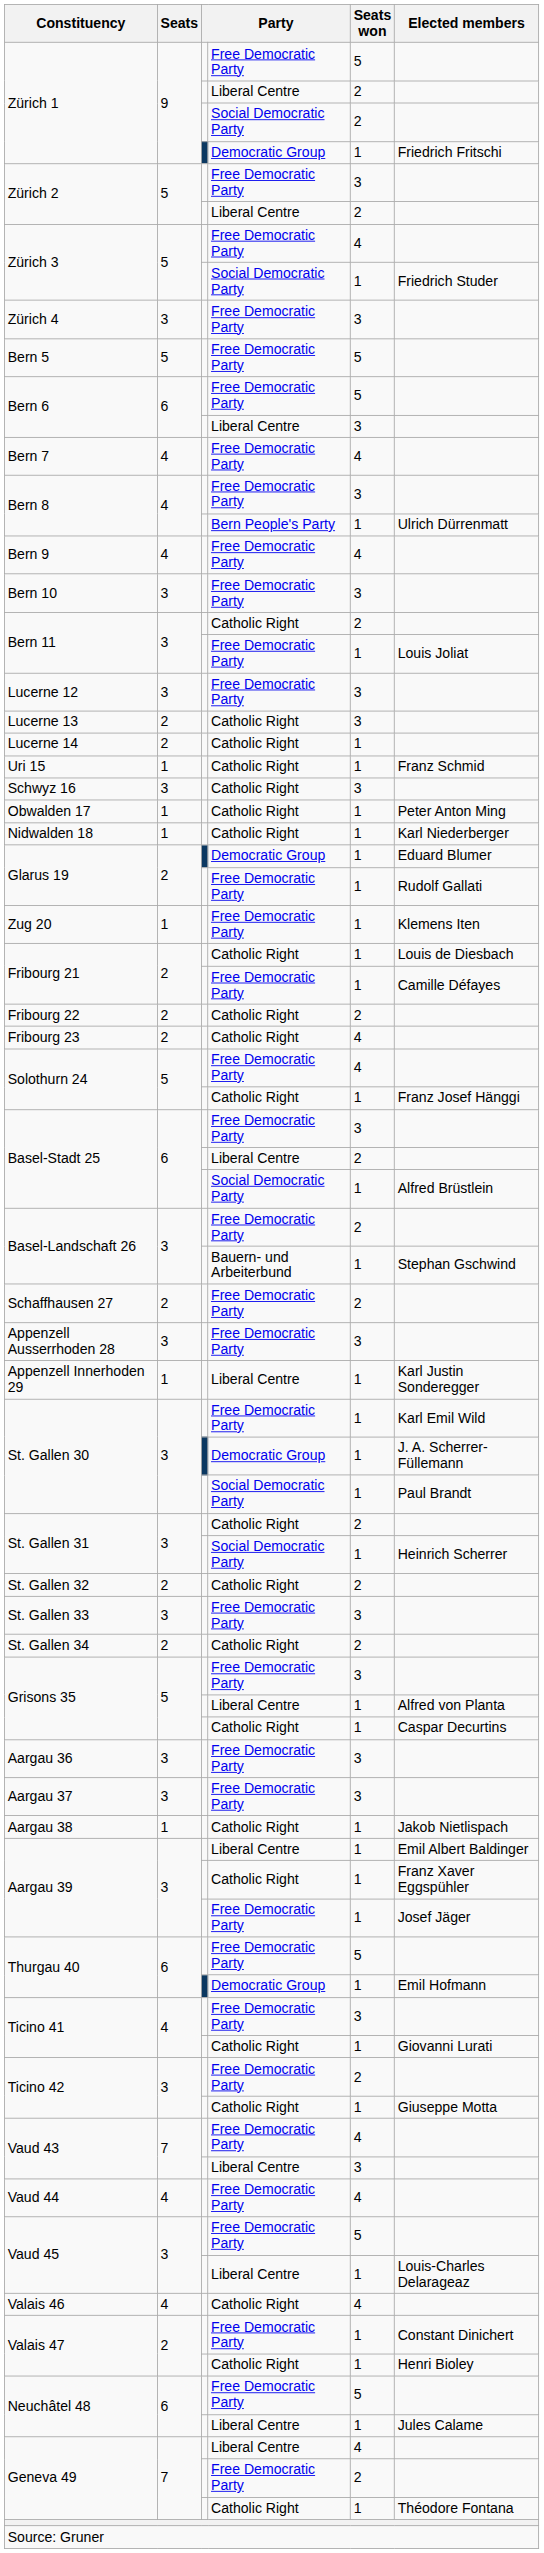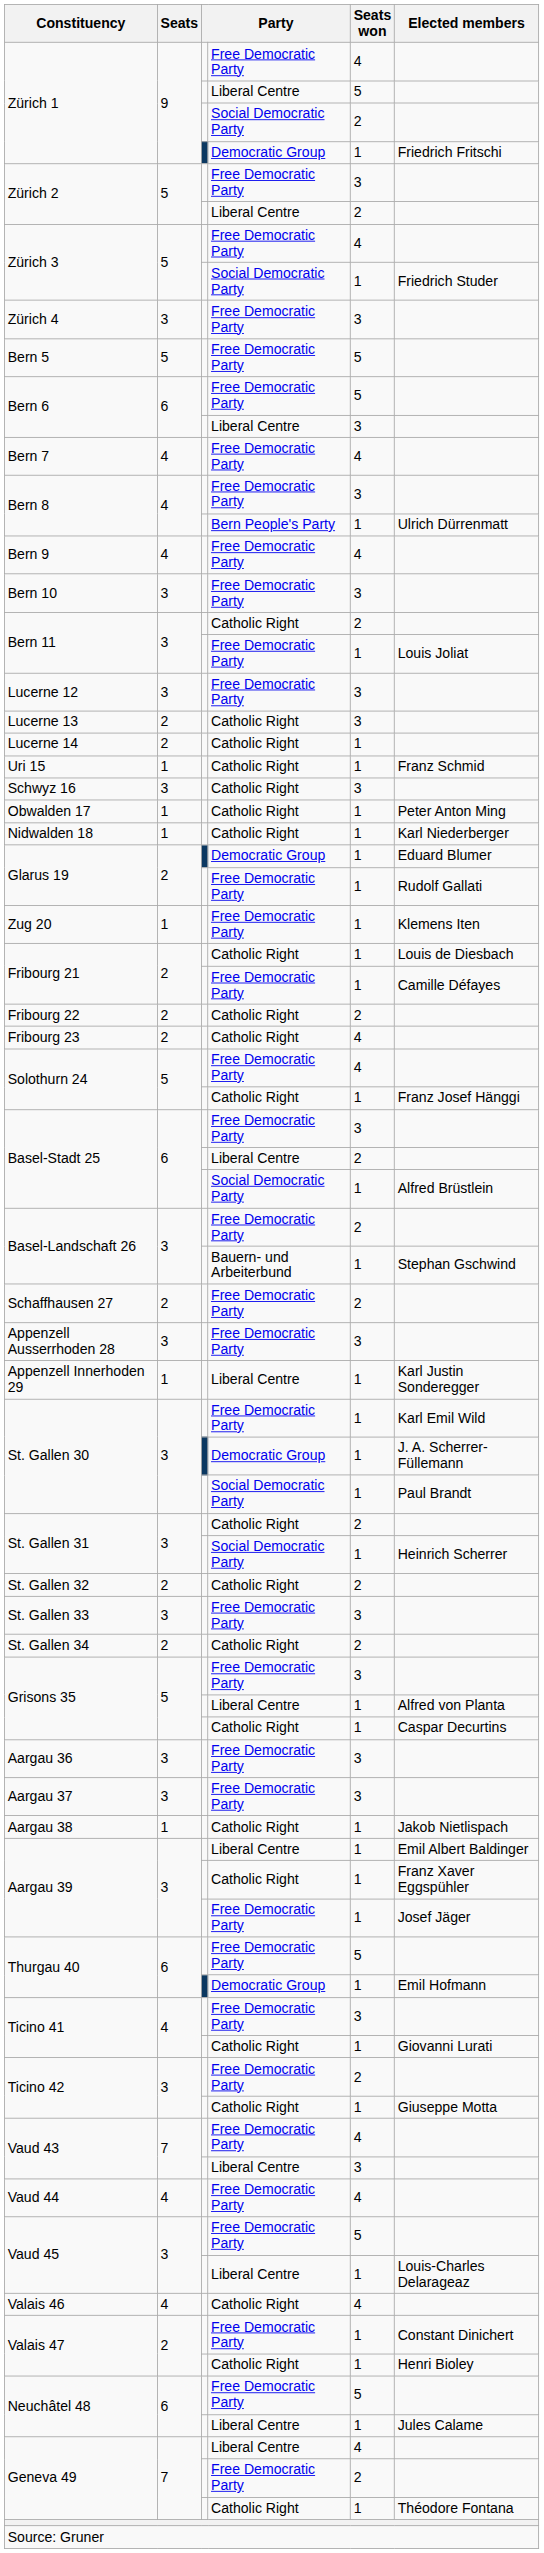 <table class="wikitable">
 <tr>
 <th>Constituency</th>
 <th>Seats</th>
 <th colspan="2">Party</th>
 <th>Seats<br>won</th>
 <th>Elected members</th>
 </tr>
 <tr>
 <td rowspan="4">Zürich 1</td>
 <td rowspan="4">9</td>
 <td style="color:inherit;background:"></td>
 <td><a href='#'>Free Democratic Party</a></td>
-<td>5</td>
+<td>4</td>
 <td></td>
 </tr>
 <tr>
 <td style="color:inherit;background:"></td>
 <td>Liberal Centre</td>
-<td>2</td>
+<td>5</td>
 <td></td>
 </tr>
 <tr>
 <td style="color:inherit;background:"></td>
 <td><a href='#'>Social Democratic Party</a></td>
 <td>2</td>
 <td></td>
 </tr>
 <tr>
 <td style="color:inherit;background:#0B3861"></td>
 <td><a href='#'>Democratic Group</a></td>
 <td>1</td>
 <td>Friedrich Fritschi</td>
 </tr>
 <tr>
 <td rowspan="2">Zürich 2</td>
 <td rowspan="2">5</td>
 <td style="color:inherit;background:"></td>
 <td><a href='#'>Free Democratic Party</a></td>
 <td>3</td>
 <td></td>
 </tr>
 <tr>
 <td style="color:inherit;background:"></td>
 <td>Liberal Centre</td>
 <td>2</td>
 <td></td>
 </tr>
 <tr>
 <td rowspan="2">Zürich 3</td>
 <td rowspan="2">5</td>
 <td style="color:inherit;background:"></td>
 <td><a href='#'>Free Democratic Party</a></td>
 <td>4</td>
 <td></td>
 </tr>
 <tr>
 <td style="color:inherit;background:"></td>
 <td><a href='#'>Social Democratic Party</a></td>
 <td>1</td>
 <td>Friedrich Studer</td>
 </tr>
 <tr>
 <td>Zürich 4</td>
 <td>3</td>
 <td style="color:inherit;background:"></td>
 <td><a href='#'>Free Democratic Party</a></td>
 <td>3</td>
 <td></td>
 </tr>
 <tr>
 <td>Bern 5</td>
 <td>5</td>
 <td style="color:inherit;background:"></td>
 <td><a href='#'>Free Democratic Party</a></td>
 <td>5</td>
 <td></td>
 </tr>
 <tr>
 <td rowspan="2">Bern 6</td>
 <td rowspan="2">6</td>
 <td style="color:inherit;background:"></td>
 <td><a href='#'>Free Democratic Party</a></td>
 <td>5</td>
 <td></td>
 </tr>
 <tr>
 <td style="color:inherit;background:"></td>
 <td>Liberal Centre</td>
 <td>3</td>
 <td></td>
 </tr>
 <tr>
 <td>Bern 7</td>
 <td>4</td>
 <td style="color:inherit;background:"></td>
 <td><a href='#'>Free Democratic Party</a></td>
 <td>4</td>
 <td></td>
 </tr>
 <tr>
 <td rowspan="2">Bern 8</td>
 <td rowspan="2">4</td>
 <td style="color:inherit;background:"></td>
 <td><a href='#'>Free Democratic Party</a></td>
 <td>3</td>
 <td></td>
 </tr>
 <tr>
 <td style="color:inherit;background:"></td>
 <td><a href='#'>Bern People's Party</a></td>
 <td>1</td>
 <td>Ulrich Dürrenmatt</td>
 </tr>
 <tr>
 <td>Bern 9</td>
 <td>4</td>
 <td style="color:inherit;background:"></td>
 <td><a href='#'>Free Democratic Party</a></td>
 <td>4</td>
 <td></td>
 </tr>
 <tr>
 <td>Bern 10</td>
 <td>3</td>
 <td style="color:inherit;background:"></td>
 <td><a href='#'>Free Democratic Party</a></td>
 <td>3</td>
 <td></td>
 </tr>
 <tr>
 <td rowspan="2">Bern 11</td>
 <td rowspan="2">3</td>
 <td style="color:inherit;background:"></td>
 <td>Catholic Right</td>
 <td>2</td>
 <td></td>
 </tr>
 <tr>
 <td style="color:inherit;background:"></td>
 <td><a href='#'>Free Democratic Party</a></td>
 <td>1</td>
 <td>Louis Joliat</td>
 </tr>
 <tr>
 <td>Lucerne 12</td>
 <td>3</td>
 <td style="color:inherit;background:"></td>
 <td><a href='#'>Free Democratic Party</a></td>
 <td>3</td>
 <td></td>
 </tr>
 <tr>
 <td>Lucerne 13</td>
 <td>2</td>
 <td style="color:inherit;background:"></td>
 <td>Catholic Right</td>
 <td>3</td>
 <td></td>
 </tr>
 <tr>
 <td>Lucerne 14</td>
 <td>2</td>
 <td style="color:inherit;background:"></td>
 <td>Catholic Right</td>
 <td>1</td>
 <td></td>
 </tr>
 <tr>
 <td>Uri 15</td>
 <td>1</td>
 <td style="color:inherit;background:"></td>
 <td>Catholic Right</td>
 <td>1</td>
 <td>Franz Schmid</td>
 </tr>
 <tr>
 <td>Schwyz 16</td>
 <td>3</td>
 <td style="color:inherit;background:"></td>
 <td>Catholic Right</td>
 <td>3</td>
 <td></td>
 </tr>
 <tr>
 <td>Obwalden 17</td>
 <td>1</td>
 <td style="color:inherit;background:"></td>
 <td>Catholic Right</td>
 <td>1</td>
 <td>Peter Anton Ming</td>
 </tr>
 <tr>
 <td>Nidwalden 18</td>
 <td>1</td>
 <td style="color:inherit;background:"></td>
 <td>Catholic Right</td>
 <td>1</td>
 <td>Karl Niederberger</td>
 </tr>
 <tr>
 <td rowspan="2">Glarus 19</td>
 <td rowspan="2">2</td>
 <td style="color:inherit;background:#0B3861"></td>
 <td><a href='#'>Democratic Group</a></td>
 <td>1</td>
 <td>Eduard Blumer</td>
 </tr>
 <tr>
 <td style="color:inherit;background:"></td>
 <td><a href='#'>Free Democratic Party</a></td>
 <td>1</td>
 <td>Rudolf Gallati</td>
 </tr>
 <tr>
 <td>Zug 20</td>
 <td>1</td>
 <td style="color:inherit;background:"></td>
 <td><a href='#'>Free Democratic Party</a></td>
 <td>1</td>
 <td>Klemens Iten</td>
 </tr>
 <tr>
 <td rowspan="2">Fribourg 21</td>
 <td rowspan="2">2</td>
 <td style="color:inherit;background:"></td>
 <td>Catholic Right</td>
 <td>1</td>
 <td>Louis de Diesbach</td>
 </tr>
 <tr>
 <td style="color:inherit;background:"></td>
 <td><a href='#'>Free Democratic Party</a></td>
 <td>1</td>
 <td>Camille Défayes</td>
 </tr>
 <tr>
 <td>Fribourg 22</td>
 <td>2</td>
 <td style="color:inherit;background:"></td>
 <td>Catholic Right</td>
 <td>2</td>
 <td></td>
 </tr>
 <tr>
 <td>Fribourg 23</td>
 <td>2</td>
 <td style="color:inherit;background:"></td>
 <td>Catholic Right</td>
 <td>4</td>
 <td></td>
 </tr>
 <tr>
 <td rowspan="2">Solothurn 24</td>
 <td rowspan="2">5</td>
 <td style="color:inherit;background:"></td>
 <td><a href='#'>Free Democratic Party</a></td>
 <td>4</td>
 <td></td>
 </tr>
 <tr>
 <td style="color:inherit;background:"></td>
 <td>Catholic Right</td>
 <td>1</td>
 <td>Franz Josef Hänggi</td>
 </tr>
 <tr>
 <td rowspan="3">Basel-Stadt 25</td>
 <td rowspan="3">6</td>
 <td style="color:inherit;background:"></td>
 <td><a href='#'>Free Democratic Party</a></td>
 <td>3</td>
 <td></td>
 </tr>
 <tr>
 <td style="color:inherit;background:"></td>
 <td>Liberal Centre</td>
 <td>2</td>
 <td></td>
 </tr>
 <tr>
 <td style="color:inherit;background:"></td>
 <td><a href='#'>Social Democratic Party</a></td>
 <td>1</td>
 <td>Alfred Brüstlein</td>
 </tr>
 <tr>
 <td rowspan="2">Basel-Landschaft 26</td>
 <td rowspan="2">3</td>
 <td style="color:inherit;background:"></td>
 <td><a href='#'>Free Democratic Party</a></td>
 <td>2</td>
 <td></td>
 </tr>
 <tr>
 <td style="color:inherit;background:"></td>
 <td>Bauern- und Arbeiterbund</td>
 <td>1</td>
 <td>Stephan Gschwind</td>
 </tr>
 <tr>
 <td>Schaffhausen 27</td>
 <td>2</td>
 <td style="color:inherit;background:"></td>
 <td><a href='#'>Free Democratic Party</a></td>
 <td>2</td>
 <td></td>
 </tr>
 <tr>
 <td>Appenzell Ausserrhoden 28</td>
 <td>3</td>
 <td style="color:inherit;background:"></td>
 <td><a href='#'>Free Democratic Party</a></td>
 <td>3</td>
 <td></td>
 </tr>
 <tr>
 <td>Appenzell Innerhoden 29</td>
 <td>1</td>
 <td style="color:inherit;background:"></td>
 <td>Liberal Centre</td>
 <td>1</td>
 <td>Karl Justin Sonderegger</td>
 </tr>
 <tr>
 <td rowspan="3">St. Gallen 30</td>
 <td rowspan="3">3</td>
 <td style="color:inherit;background:"></td>
 <td><a href='#'>Free Democratic Party</a></td>
 <td>1</td>
 <td>Karl Emil Wild</td>
 </tr>
 <tr>
 <td style="color:inherit;background:#0B3861"></td>
 <td><a href='#'>Democratic Group</a></td>
 <td>1</td>
 <td>J. A. Scherrer-Füllemann</td>
 </tr>
 <tr>
 <td style="color:inherit;background:"></td>
 <td><a href='#'>Social Democratic Party</a></td>
 <td>1</td>
 <td>Paul Brandt</td>
 </tr>
 <tr>
 <td rowspan="2">St. Gallen 31</td>
 <td rowspan="2">3</td>
 <td style="color:inherit;background:"></td>
 <td>Catholic Right</td>
 <td>2</td>
 <td></td>
 </tr>
 <tr>
 <td style="color:inherit;background:"></td>
 <td><a href='#'>Social Democratic Party</a></td>
 <td>1</td>
 <td>Heinrich Scherrer</td>
 </tr>
 <tr>
 <td>St. Gallen 32</td>
 <td>2</td>
 <td style="color:inherit;background:"></td>
 <td>Catholic Right</td>
 <td>2</td>
 <td></td>
 </tr>
 <tr>
 <td>St. Gallen 33</td>
 <td>3</td>
 <td style="color:inherit;background:"></td>
 <td><a href='#'>Free Democratic Party</a></td>
 <td>3</td>
 <td></td>
 </tr>
 <tr>
 <td>St. Gallen 34</td>
 <td>2</td>
 <td style="color:inherit;background:"></td>
 <td>Catholic Right</td>
 <td>2</td>
 <td></td>
 </tr>
 <tr>
 <td rowspan="3">Grisons 35</td>
 <td rowspan="3">5</td>
 <td style="color:inherit;background:"></td>
 <td><a href='#'>Free Democratic Party</a></td>
 <td>3</td>
 <td></td>
 </tr>
 <tr>
 <td style="color:inherit;background:"></td>
 <td>Liberal Centre</td>
 <td>1</td>
 <td>Alfred von Planta</td>
 </tr>
 <tr>
 <td style="color:inherit;background:"></td>
 <td>Catholic Right</td>
 <td>1</td>
 <td>Caspar Decurtins</td>
 </tr>
 <tr>
 <td>Aargau 36</td>
 <td>3</td>
 <td style="color:inherit;background:"></td>
 <td><a href='#'>Free Democratic Party</a></td>
 <td>3</td>
 <td></td>
 </tr>
 <tr>
 <td>Aargau 37</td>
 <td>3</td>
 <td style="color:inherit;background:"></td>
 <td><a href='#'>Free Democratic Party</a></td>
 <td>3</td>
 <td></td>
 </tr>
 <tr>
 <td>Aargau 38</td>
 <td>1</td>
 <td style="color:inherit;background:"></td>
 <td>Catholic Right</td>
 <td>1</td>
 <td>Jakob Nietlispach</td>
 </tr>
 <tr>
 <td rowspan="3">Aargau 39</td>
 <td rowspan="3">3</td>
 <td style="color:inherit;background:"></td>
 <td>Liberal Centre</td>
 <td>1</td>
 <td>Emil Albert Baldinger</td>
 </tr>
 <tr>
 <td style="color:inherit;background:"></td>
 <td>Catholic Right</td>
 <td>1</td>
 <td>Franz Xaver Eggspühler</td>
 </tr>
 <tr>
 <td style="color:inherit;background:"></td>
 <td><a href='#'>Free Democratic Party</a></td>
 <td>1</td>
 <td>Josef Jäger</td>
 </tr>
 <tr>
 <td rowspan="2">Thurgau 40</td>
 <td rowspan="2">6</td>
 <td style="color:inherit;background:"></td>
 <td><a href='#'>Free Democratic Party</a></td>
 <td>5</td>
 <td></td>
 </tr>
 <tr>
 <td style="color:inherit;background:#0B3861"></td>
 <td><a href='#'>Democratic Group</a></td>
 <td>1</td>
 <td>Emil Hofmann</td>
 </tr>
 <tr>
 <td rowspan="2">Ticino 41</td>
 <td rowspan="2">4</td>
 <td style="color:inherit;background:"></td>
 <td><a href='#'>Free Democratic Party</a></td>
 <td>3</td>
 <td></td>
 </tr>
 <tr>
 <td style="color:inherit;background:"></td>
 <td>Catholic Right</td>
 <td>1</td>
 <td>Giovanni Lurati</td>
 </tr>
 <tr>
 <td rowspan="2">Ticino 42</td>
 <td rowspan="2">3</td>
 <td style="color:inherit;background:"></td>
 <td><a href='#'>Free Democratic Party</a></td>
 <td>2</td>
 <td></td>
 </tr>
 <tr>
 <td style="color:inherit;background:"></td>
 <td>Catholic Right</td>
 <td>1</td>
 <td>Giuseppe Motta</td>
 </tr>
 <tr>
 <td rowspan="2">Vaud 43</td>
 <td rowspan="2">7</td>
 <td style="color:inherit;background:"></td>
 <td><a href='#'>Free Democratic Party</a></td>
 <td>4</td>
 <td></td>
 </tr>
 <tr>
 <td style="color:inherit;background:"></td>
 <td>Liberal Centre</td>
 <td>3</td>
 <td></td>
 </tr>
 <tr>
 <td>Vaud 44</td>
 <td>4</td>
 <td style="color:inherit;background:"></td>
 <td><a href='#'>Free Democratic Party</a></td>
 <td>4</td>
 <td></td>
 </tr>
 <tr>
 <td rowspan="2">Vaud 45</td>
 <td rowspan="2">3</td>
 <td style="color:inherit;background:"></td>
 <td><a href='#'>Free Democratic Party</a></td>
 <td>5</td>
 <td></td>
 </tr>
 <tr>
 <td style="color:inherit;background:"></td>
 <td>Liberal Centre</td>
 <td>1</td>
 <td>Louis-Charles Delarageaz</td>
 </tr>
 <tr>
 <td>Valais 46</td>
 <td>4</td>
 <td style="color:inherit;background:"></td>
 <td>Catholic Right</td>
 <td>4</td>
 <td></td>
 </tr>
 <tr>
 <td rowspan="2">Valais 47</td>
 <td rowspan="2">2</td>
 <td style="color:inherit;background:"></td>
 <td><a href='#'>Free Democratic Party</a></td>
 <td>1</td>
 <td>Constant Dinichert</td>
 </tr>
 <tr>
 <td style="color:inherit;background:"></td>
 <td>Catholic Right</td>
 <td>1</td>
 <td>Henri Bioley</td>
 </tr>
 <tr>
 <td rowspan="2">Neuchâtel 48</td>
 <td rowspan="2">6</td>
 <td style="color:inherit;background:"></td>
 <td><a href='#'>Free Democratic Party</a></td>
 <td>5</td>
 <td></td>
 </tr>
 <tr>
 <td style="color:inherit;background:"></td>
 <td>Liberal Centre</td>
 <td>1</td>
 <td>Jules Calame</td>
 </tr>
 <tr>
 <td rowspan="3">Geneva 49</td>
 <td rowspan="3">7</td>
 <td style="color:inherit;background:"></td>
 <td>Liberal Centre</td>
 <td>4</td>
 <td></td>
 </tr>
 <tr>
 <td style="color:inherit;background:"></td>
 <td><a href='#'>Free Democratic Party</a></td>
 <td>2</td>
 <td></td>
 </tr>
 <tr>
 <td style="color:inherit;background:"></td>
 <td>Catholic Right</td>
 <td>1</td>
 <td>Théodore Fontana</td>
 </tr>
 <tr>
 <th colspan="6"></th>
 </tr>
 <tr>
 <td colspan="6">Source: Gruner</td>
 </tr>
 </table>
